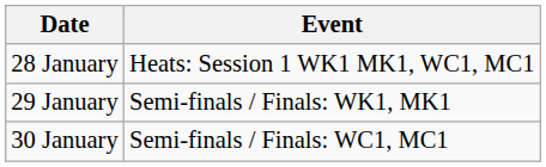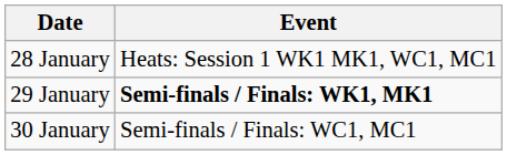 <table class=wikitable>
 <tr>
 <th>Date</th>
 <th>Event</th>
 </tr>
 <tr>
 <td>28 January</td>
 <td>Heats: Session 1 WK1 MK1, WC1, MC1</td>
 </tr>
 <tr>
 <td>29 January</td>
-<td>Semi-finals / Finals: WK1, MK1</td>
+<td><strong>Semi-finals / Finals: WK1, MK1</strong></td>
 </tr>
 <tr>
 <td>30 January</td>
 <td>Semi-finals / Finals: WC1, MC1</td>
 </tr>
 </table>
